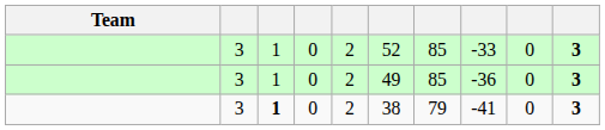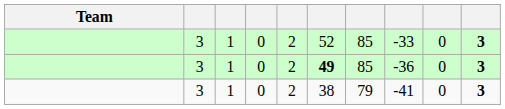 <table class="wikitable" style="text-align:center;">
 <tr>
 <th style="width:11.0em;">Team</th>
 <th style="width:1.5em;"></th>
 <th style="width:1.5em;"></th>
 <th style="width:1.5em;"></th>
 <th style="width:1.5em;"></th>
 <th style="width:2.0em;"></th>
 <th style="width:2.0em;"></th>
 <th style="width:2.0em;"></th>
 <th style="width:2.0em;"></th>
 <th style="width:2.0em;"></th>
 </tr>
 <tr bgcolor=#cfc>
 <td align="left"></td>
 <td>3</td>
 <td>1</td>
 <td>0</td>
 <td>2</td>
 <td>52</td>
 <td>85</td>
 <td>-33</td>
 <td>0</td>
 <td><strong>3</strong></td>
 </tr>
 <tr bgcolor=#cfc>
 <td align="left"></td>
 <td>3</td>
 <td>1</td>
 <td>0</td>
 <td>2</td>
-<td>49</td>
+<td><strong>49</strong></td>
 <td>85</td>
 <td>-36</td>
 <td>0</td>
 <td><strong>3</strong></td>
 </tr>
 <tr>
 <td align="left"></td>
 <td>3</td>
-<td><strong>1</strong></td>
+<td>1</td>
 <td>0</td>
 <td>2</td>
 <td>38</td>
 <td>79</td>
 <td>-41</td>
 <td>0</td>
 <td><strong>3</strong></td>
 </tr>
 </table>
